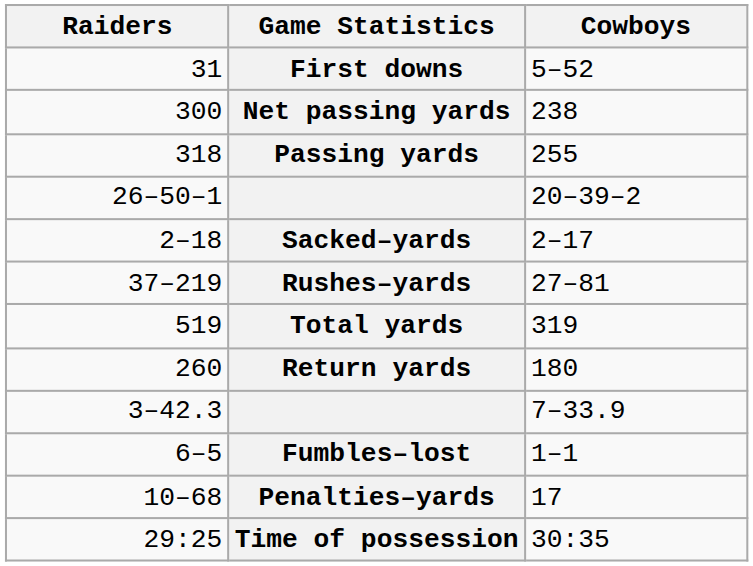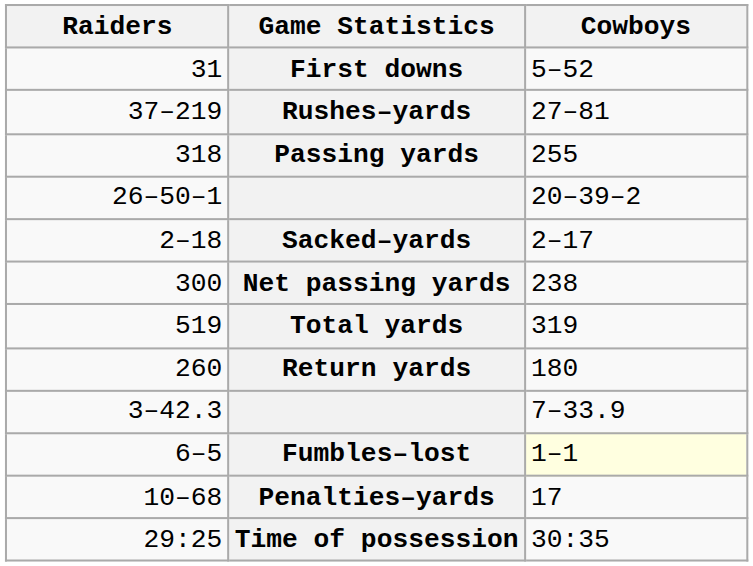 <table class="wikitable" style="margin: 1em auto 1em auto">
 <tr>
 <th style="width:30%;">Raiders</th>
 <th style="width:40%;">Game Statistics</th>
 <th style="width:30%;">Cowboys</th>
 </tr>
 <tr>
 <td style="text-align:right;">31</td>
 <th>First downs</th>
 <td>5–52</td>
 </tr>
 <tr>
-<td style="text-align:right;">300</td>
-<th>Net passing yards</th>
-<td>238</td>
+<td style="text-align:right;">37–219</td>
+<th>Rushes–yards</th>
+<td>27–81</td>
 </tr>
 <tr>
 <td style="text-align:right;">318</td>
 <th>Passing yards</th>
 <td>255</td>
 </tr>
 <tr>
 <td style="text-align:right;">26–50–1</td>
 <th></th>
 <td>20–39–2</td>
 </tr>
 <tr>
 <td style="text-align:right;">2–18</td>
 <th>Sacked–yards</th>
 <td>2–17</td>
 </tr>
 <tr>
-<td style="text-align:right;">37–219</td>
-<th>Rushes–yards</th>
-<td>27–81</td>
+<td style="text-align:right;">300</td>
+<th>Net passing yards</th>
+<td>238</td>
 </tr>
 <tr>
 <td style="text-align:right;">519</td>
 <th>Total yards</th>
 <td>319</td>
 </tr>
 <tr>
 <td style="text-align:right;">260</td>
 <th>Return yards</th>
 <td>180</td>
 </tr>
 <tr>
 <td style="text-align:right;">3–42.3</td>
 <th></th>
 <td>7–33.9</td>
 </tr>
 <tr>
 <td style="text-align:right;">6–5</td>
 <th>Fumbles–lost</th>
-<td>1–1</td>
+<td style="background: lightyellow;">1–1</td>
 </tr>
 <tr>
 <td style="text-align:right;">10–68</td>
 <th>Penalties–yards</th>
 <td>17</td>
 </tr>
 <tr>
 <td style="text-align:right;">29:25</td>
 <th>Time of possession</th>
 <td>30:35</td>
 </tr>
 </table>
